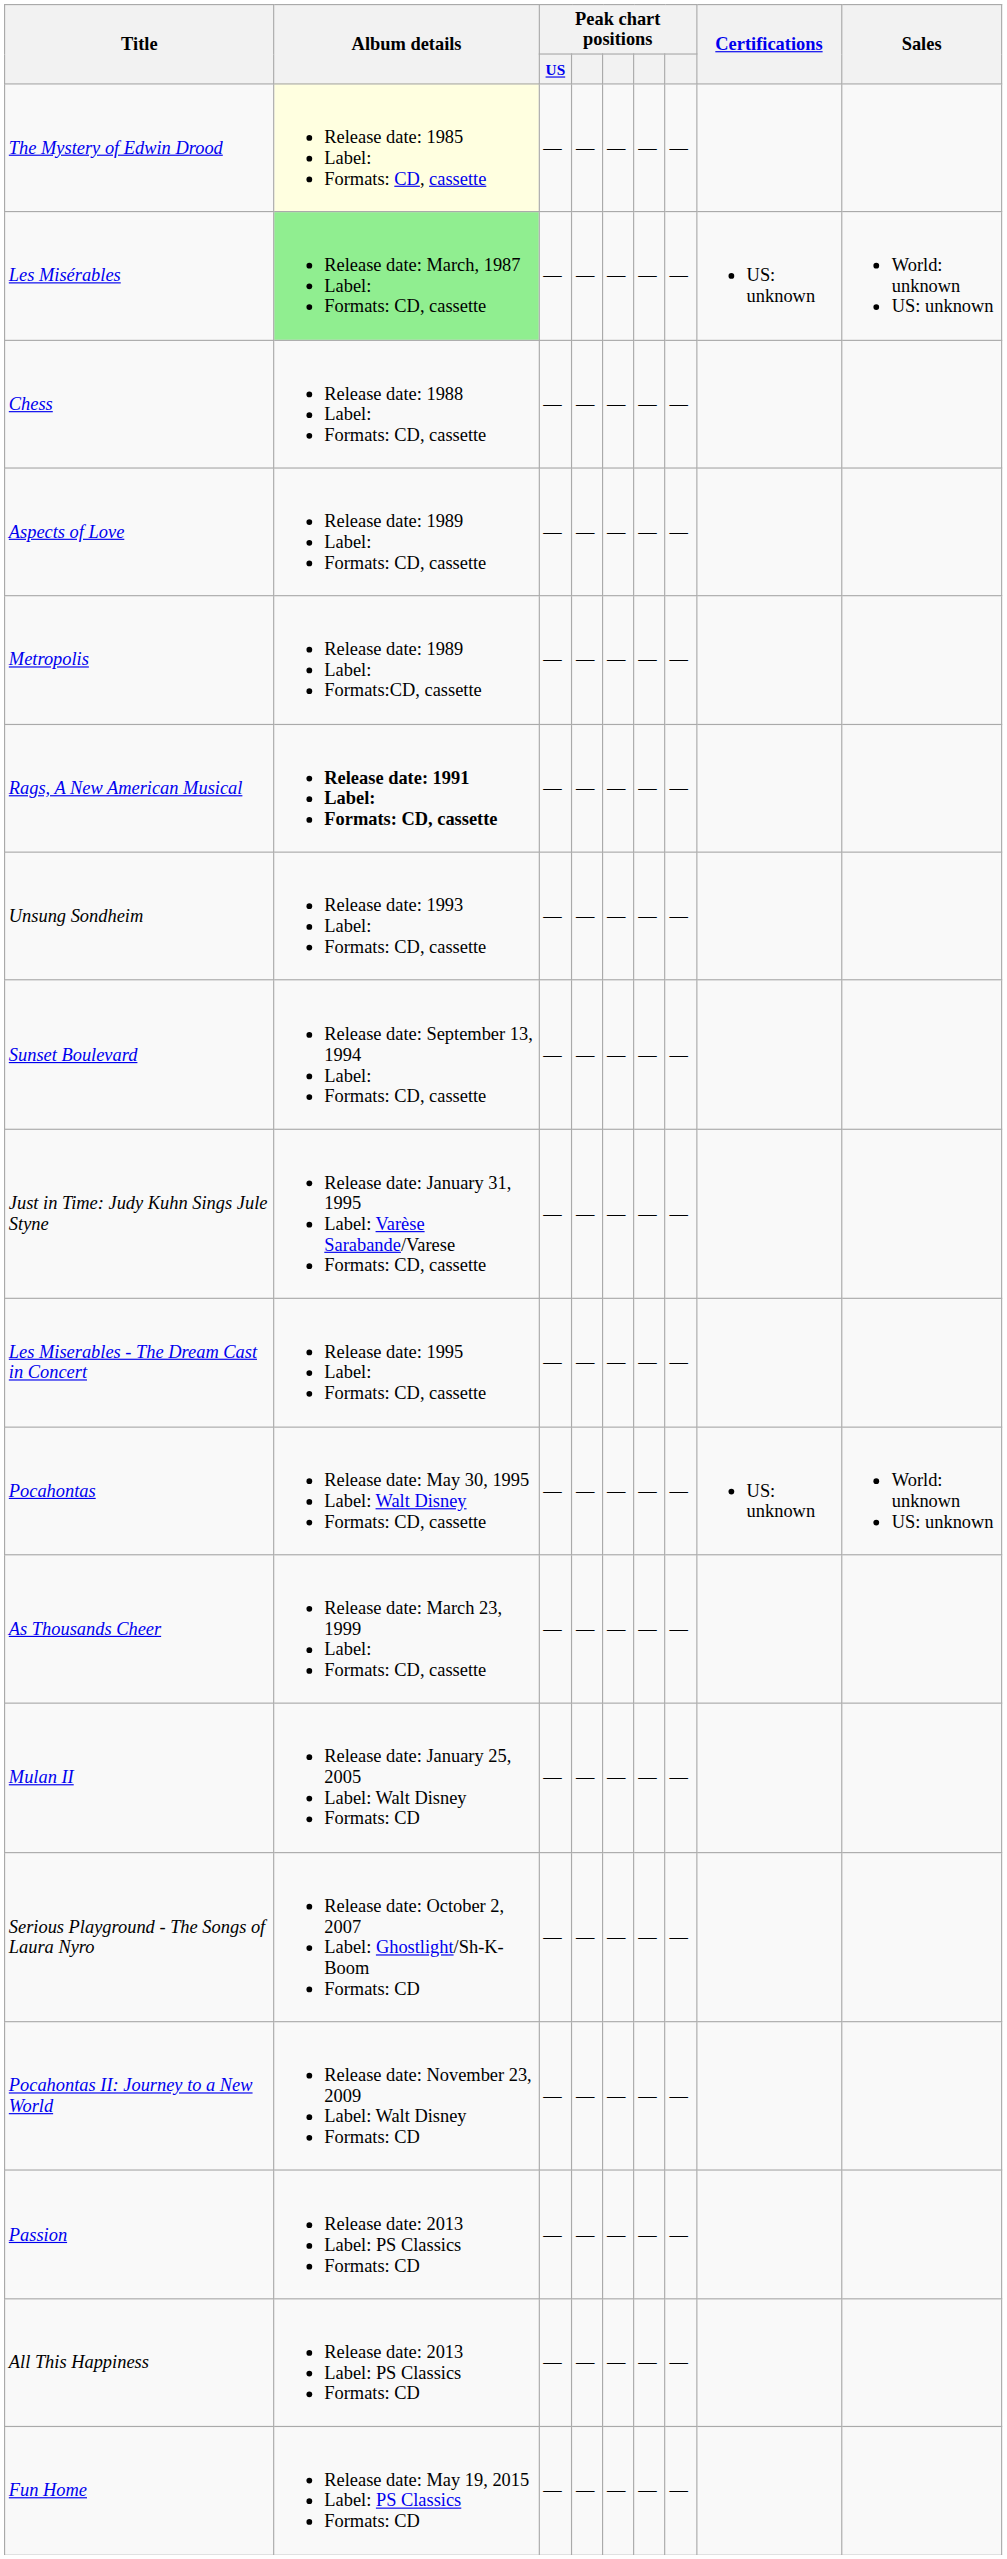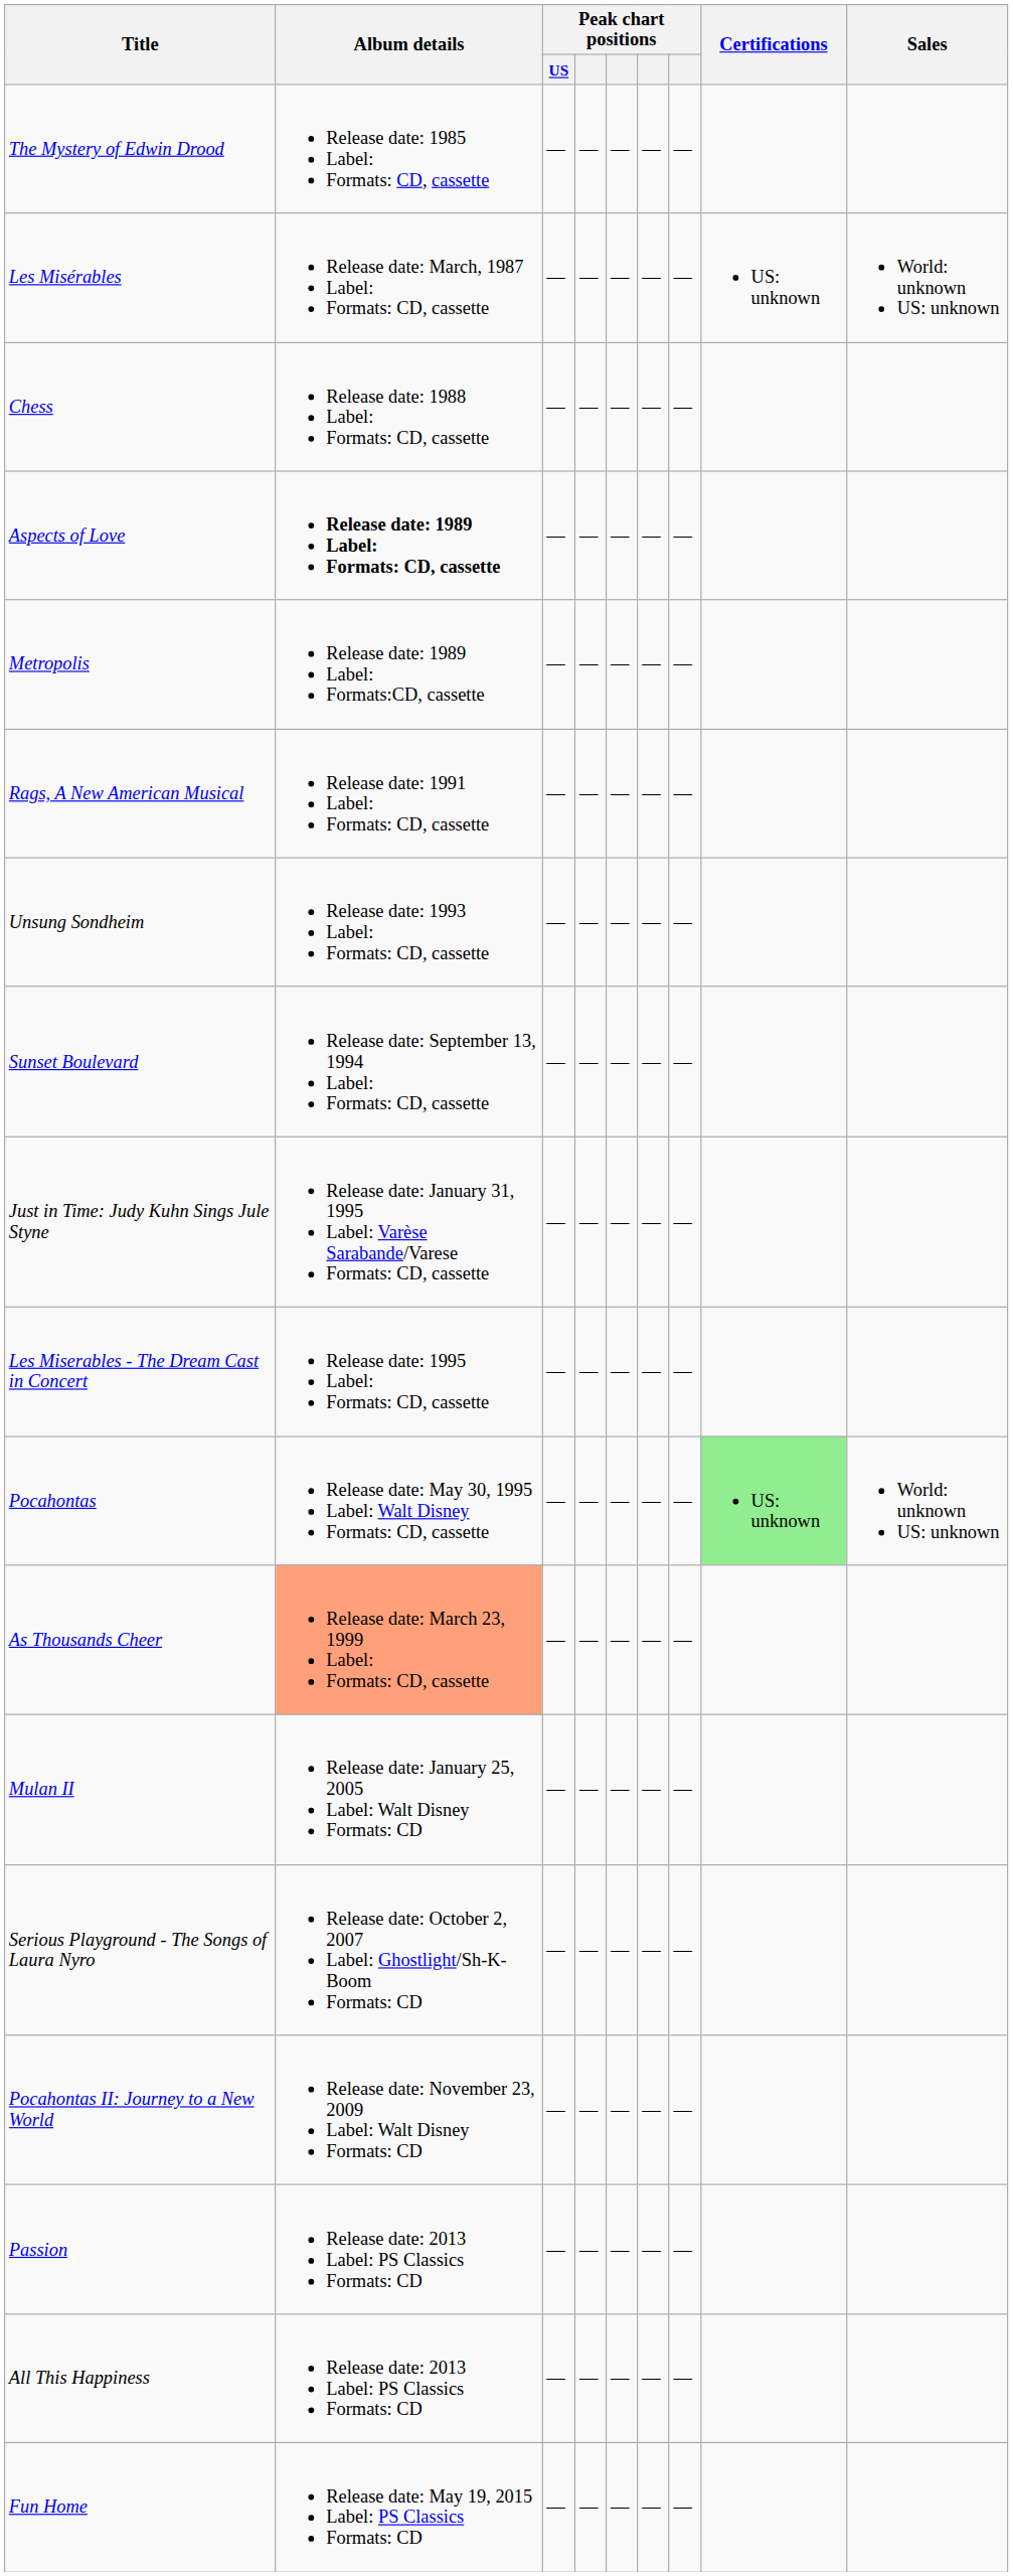 <table class="wikitable">
 <tr>
 <th rowspan="2">Title</th>
 <th rowspan="2">Album details</th>
 <th colspan="5">Peak chart positions</th>
 <th rowspan="2"><a href='#'>Certifications</a></th>
 <th rowspan="2">Sales</th>
 </tr>
 <tr>
 <th><small><strong><a href='#'>US</a></strong></small></th>
 <th></th>
 <th></th>
 <th></th>
 <th></th>
 </tr>
 <tr>
 <td><em><a href='#'>The Mystery of Edwin Drood</a></em></td>
-<td style="background: lightyellow;"><br><ul><li>Release date: 1985</li><li>Label:</li><li>Formats: <a href='#'>CD</a>, <a href='#'>cassette</a></li></ul></td>
+<td><br><ul><li>Release date: 1985</li><li>Label:</li><li>Formats: <a href='#'>CD</a>, <a href='#'>cassette</a></li></ul></td>
 <td>—</td>
 <td>—</td>
 <td>—</td>
 <td>—</td>
 <td>—</td>
 <td></td>
 <td></td>
 </tr>
 <tr>
 <td><em><a href='#'>Les Misérables</a></em></td>
-<td style="background: lightgreen;"><br><ul><li>Release date: March, 1987</li><li>Label:</li><li>Formats: CD, cassette</li></ul></td>
+<td><br><ul><li>Release date: March, 1987</li><li>Label:</li><li>Formats: CD, cassette</li></ul></td>
 <td>—</td>
 <td>—</td>
 <td>—</td>
 <td>—</td>
 <td>—</td>
 <td><br><ul><li>US: unknown</li></ul></td>
 <td><br><ul><li>World: unknown</li><li>US: unknown</li></ul></td>
 </tr>
 <tr>
 <td><em><a href='#'>Chess</a></em></td>
 <td><br><ul><li>Release date: 1988</li><li>Label:</li><li>Formats: CD, cassette</li></ul></td>
 <td>—</td>
 <td>—</td>
 <td>—</td>
 <td>—</td>
 <td>—</td>
 <td></td>
 <td></td>
 </tr>
 <tr>
 <td><em><a href='#'>Aspects of Love</a></em></td>
-<td><br><ul><li>Release date: 1989</li><li>Label:</li><li>Formats: CD, cassette</li></ul></td>
+<td><strong><br><ul><li>Release date: 1989</li><li>Label:</li><li>Formats: CD, cassette</li></ul></strong></td>
 <td>—</td>
 <td>—</td>
 <td>—</td>
 <td>—</td>
 <td>—</td>
 <td></td>
 <td></td>
 </tr>
 <tr>
 <td><em><a href='#'>Metropolis</a></em></td>
 <td><br><ul><li>Release date: 1989</li><li>Label:</li><li>Formats:CD, cassette</li></ul></td>
 <td>—</td>
 <td>—</td>
 <td>—</td>
 <td>—</td>
 <td>—</td>
 <td></td>
 <td></td>
 </tr>
 <tr>
 <td><em><a href='#'>Rags, A New American Musical</a></em></td>
-<td><strong><br><ul><li>Release date: 1991</li><li>Label:</li><li>Formats: CD, cassette</li></ul></strong></td>
+<td><br><ul><li>Release date: 1991</li><li>Label:</li><li>Formats: CD, cassette</li></ul></td>
 <td>—</td>
 <td>—</td>
 <td>—</td>
 <td>—</td>
 <td>—</td>
 <td></td>
 <td></td>
 </tr>
 <tr>
 <td><em>Unsung Sondheim</em></td>
 <td><br><ul><li>Release date: 1993</li><li>Label:</li><li>Formats: CD, cassette</li></ul></td>
 <td>—</td>
 <td>—</td>
 <td>—</td>
 <td>—</td>
 <td>—</td>
 <td></td>
 <td></td>
 </tr>
 <tr>
 <td><em><a href='#'>Sunset Boulevard</a></em></td>
 <td><br><ul><li>Release date: September 13, 1994</li><li>Label:</li><li>Formats: CD, cassette</li></ul></td>
 <td>—</td>
 <td>—</td>
 <td>—</td>
 <td>—</td>
 <td>—</td>
 <td></td>
 <td></td>
 </tr>
 <tr>
 <td><em>Just in Time: Judy Kuhn Sings Jule Styne</em></td>
 <td><br><ul><li>Release date: January 31, 1995</li><li>Label: <a href='#'>Varèse Sarabande</a>/Varese</li><li>Formats: CD, cassette</li></ul></td>
 <td>—</td>
 <td>—</td>
 <td>—</td>
 <td>—</td>
 <td>—</td>
 <td></td>
 <td></td>
 </tr>
 <tr>
 <td><em><a href='#'>Les Miserables - The Dream Cast in Concert</a></em></td>
 <td><br><ul><li>Release date: 1995</li><li>Label:</li><li>Formats: CD, cassette</li></ul></td>
 <td>—</td>
 <td>—</td>
 <td>—</td>
 <td>—</td>
 <td>—</td>
 <td></td>
 <td></td>
 </tr>
 <tr>
 <td><em><a href='#'>Pocahontas</a></em></td>
 <td><br><ul><li>Release date: May 30, 1995</li><li>Label: <a href='#'>Walt Disney</a></li><li>Formats: CD, cassette</li></ul></td>
 <td>—</td>
 <td>—</td>
 <td>—</td>
 <td>—</td>
 <td>—</td>
-<td><br><ul><li>US: unknown</li></ul></td>
+<td style="background: lightgreen;"><br><ul><li>US: unknown</li></ul></td>
 <td><br><ul><li>World: unknown</li><li>US: unknown</li></ul></td>
 </tr>
 <tr>
 <td><em><a href='#'>As Thousands Cheer</a></em></td>
-<td><br><ul><li>Release date: March 23, 1999</li><li>Label:</li><li>Formats: CD, cassette</li></ul></td>
+<td style="background: lightsalmon;"><br><ul><li>Release date: March 23, 1999</li><li>Label:</li><li>Formats: CD, cassette</li></ul></td>
 <td>—</td>
 <td>—</td>
 <td>—</td>
 <td>—</td>
 <td>—</td>
 <td></td>
 <td></td>
 </tr>
 <tr>
 <td><em><a href='#'>Mulan II</a></em></td>
 <td><br><ul><li>Release date: January 25, 2005</li><li>Label: Walt Disney</li><li>Formats: CD</li></ul></td>
 <td>—</td>
 <td>—</td>
 <td>—</td>
 <td>—</td>
 <td>—</td>
 <td></td>
 <td></td>
 </tr>
 <tr>
 <td><em>Serious Playground - The Songs of Laura Nyro</em></td>
 <td><br><ul><li>Release date: October 2, 2007</li><li>Label: <a href='#'>Ghostlight</a>/Sh-K-Boom</li><li>Formats: CD</li></ul></td>
 <td>—</td>
 <td>—</td>
 <td>—</td>
 <td>—</td>
 <td>—</td>
 <td></td>
 <td></td>
 </tr>
 <tr>
 <td><em><a href='#'>Pocahontas II: Journey to a New World</a></em></td>
 <td><br><ul><li>Release date: November 23, 2009</li><li>Label: Walt Disney</li><li>Formats: CD</li></ul></td>
 <td>—</td>
 <td>—</td>
 <td>—</td>
 <td>—</td>
 <td>—</td>
 <td></td>
 <td></td>
 </tr>
 <tr>
 <td><em><a href='#'>Passion</a></em></td>
 <td><br><ul><li>Release date: 2013</li><li>Label: PS Classics</li><li>Formats: CD</li></ul></td>
 <td>—</td>
 <td>—</td>
 <td>—</td>
 <td>—</td>
 <td>—</td>
 <td></td>
 <td></td>
 </tr>
 <tr>
 <td><em>All This Happiness</em></td>
 <td><br><ul><li>Release date: 2013</li><li>Label: PS Classics</li><li>Formats: CD</li></ul></td>
 <td>—</td>
 <td>—</td>
 <td>—</td>
 <td>—</td>
 <td>—</td>
 <td></td>
 <td></td>
 </tr>
 <tr>
 <td><em><a href='#'>Fun Home</a></em></td>
 <td><br><ul><li>Release date: May 19, 2015</li><li>Label: <a href='#'>PS Classics</a></li><li>Formats: CD</li></ul></td>
 <td>—</td>
 <td>—</td>
 <td>—</td>
 <td>—</td>
 <td>—</td>
 <td></td>
 <td></td>
 </tr>
 </table>
